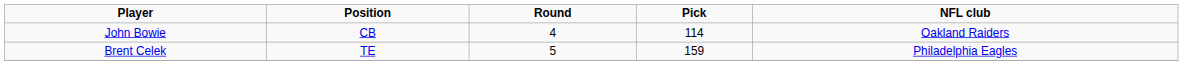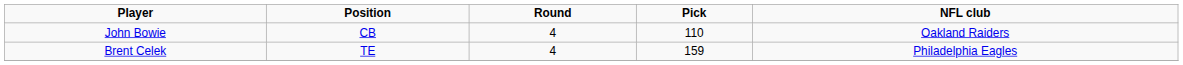 <table class="wikitable" width="80%">
 <tr align="center">
 <td><strong>Player</strong></td>
 <td><strong>Position</strong></td>
 <td><strong>Round</strong></td>
 <td><strong>Pick</strong></td>
 <td><strong>NFL club</strong></td>
 </tr>
 <tr align="center" bgcolor="">
 <td><a href='#'>John Bowie</a></td>
 <td><a href='#'>CB</a></td>
 <td>4</td>
-<td>114</td>
+<td>110</td>
 <td><a href='#'>Oakland Raiders</a></td>
 </tr>
 <tr align="center" bgcolor="">
 <td><a href='#'>Brent Celek</a></td>
 <td><a href='#'>TE</a></td>
-<td>5</td>
+<td>4</td>
 <td>159</td>
 <td><a href='#'>Philadelphia Eagles</a></td>
 </tr>
 <tr align="center" bgcolor="">
 </tr>
 </table>
